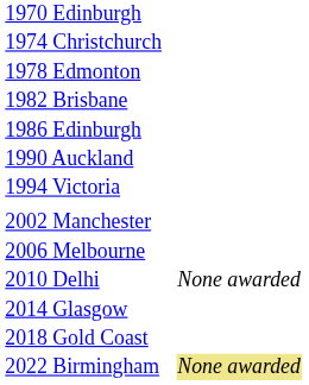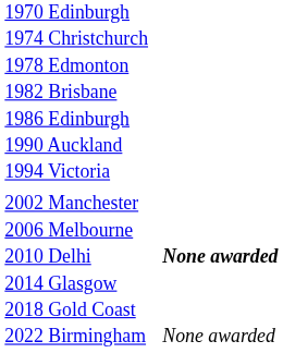 <table>
 <tr>
 <td><a href='#'>1970 Edinburgh</a></td>
 <td></td>
 <td></td>
 <td></td>
 </tr>
 <tr>
 <td><a href='#'>1974 Christchurch</a></td>
 <td></td>
 <td></td>
 <td></td>
 </tr>
 <tr>
 <td><a href='#'>1978 Edmonton</a></td>
 <td></td>
 <td></td>
 <td></td>
 </tr>
 <tr>
 <td><a href='#'>1982 Brisbane</a></td>
 <td></td>
 <td></td>
 <td></td>
 </tr>
 <tr>
 <td><a href='#'>1986 Edinburgh</a></td>
 <td></td>
 <td></td>
 <td></td>
 </tr>
 <tr>
 <td><a href='#'>1990 Auckland</a></td>
 <td></td>
 <td></td>
 <td></td>
 </tr>
 <tr>
 <td><a href='#'>1994 Victoria</a></td>
 <td></td>
 <td></td>
 <td></td>
 </tr>
 <tr>
 <td></td>
 <td></td>
 <td></td>
 <td></td>
 </tr>
 <tr>
 <td><a href='#'>2002 Manchester</a></td>
 <td></td>
 <td></td>
 <td></td>
 </tr>
 <tr>
 <td><a href='#'>2006 Melbourne</a><br></td>
 <td></td>
 <td></td>
 <td></td>
 </tr>
 <tr>
 <td><a href='#'>2010 Delhi</a><br></td>
 <td></td>
 <td><br></td>
-<td><em>None awarded</em></td>
+<td><strong><em>None awarded</em></strong></td>
 </tr>
 <tr>
 <td><a href='#'>2014 Glasgow</a><br></td>
 <td></td>
 <td></td>
 <td></td>
 </tr>
 <tr>
 <td><a href='#'>2018 Gold Coast</a><br></td>
 <td></td>
 <td></td>
 <td></td>
 </tr>
 <tr>
 <td><a href='#'>2022 Birmingham</a><br></td>
 <td></td>
 <td><br></td>
-<td style="background: khaki;"><em>None awarded</em></td>
+<td><em>None awarded</em></td>
 </tr>
 </table>
